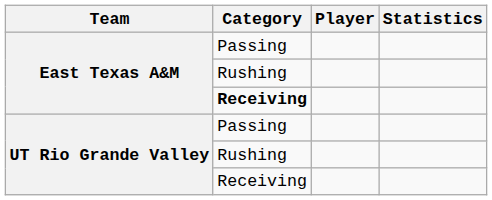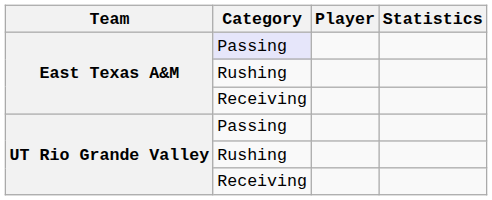 <table class="wikitable" style="float:right">
 <tr>
 <th>Team</th>
 <th>Category</th>
 <th>Player</th>
 <th>Statistics</th>
 </tr>
 <tr>
 <th rowspan=3>East Texas A&M</th>
-<td>Passing</td>
+<td style="background: lavender;">Passing</td>
 <td></td>
 <td></td>
 </tr>
 <tr>
 <td>Rushing</td>
 <td></td>
 <td></td>
 </tr>
 <tr>
-<td><strong>Receiving</strong></td>
+<td>Receiving</td>
 <td></td>
 <td></td>
 </tr>
 <tr>
 <th rowspan=3>UT Rio Grande Valley</th>
 <td>Passing</td>
 <td></td>
 <td></td>
 </tr>
 <tr>
 <td>Rushing</td>
 <td></td>
 <td></td>
 </tr>
 <tr>
 <td>Receiving</td>
 <td></td>
 <td></td>
 </tr>
 </table>
